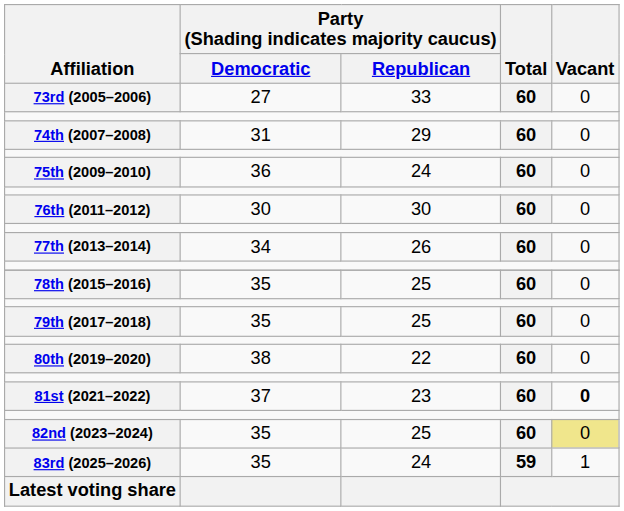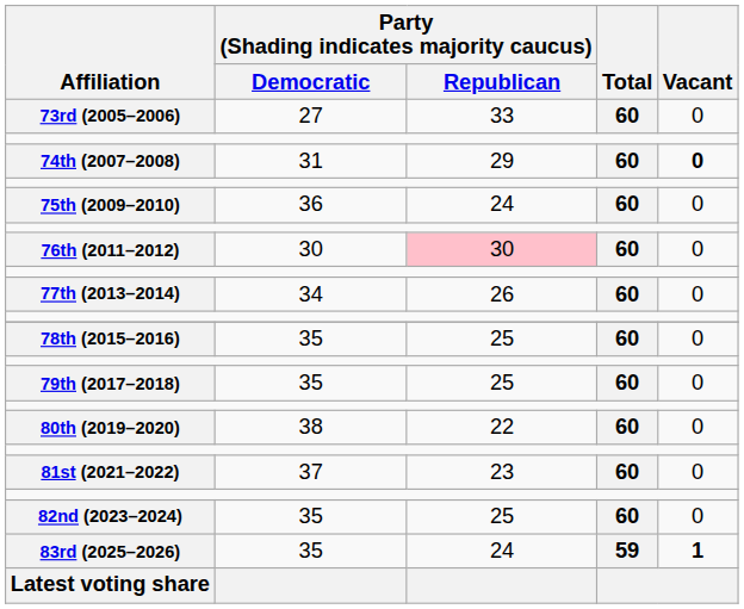 <table class="wikitable" style="text-align:center">
 <tr style="vertical-align:bottom;">
 <th rowspan="2">Affiliation</th>
 <th colspan="2">Party <div>(Shading indicates majority caucus)</div></th>
 <th rowspan="2">Total</th>
 <th rowspan="2">Vacant</th>
 </tr>
 <tr style="height:5px">
 <th style="background-color:"><a href='#'>Democratic</a></th>
 <th style="background-color:"><a href='#'>Republican</a></th>
 </tr>
 <tr>
 <th nowrap="" style="font-size:80%"><a href='#'>73rd</a> (2005–2006)</th>
 <td>27</td>
 <td>33</td>
 <th>60</th>
 <td>0</td>
 </tr>
 <tr>
 <td colspan="5"></td>
 </tr>
 <tr>
 <th nowrap="" style="font-size:80%"><a href='#'>74th</a> (2007–2008)</th>
 <td>31</td>
 <td>29</td>
 <th>60</th>
-<td>0</td>
+<td><strong>0</strong></td>
 </tr>
 <tr>
 <td colspan="5"></td>
 </tr>
 <tr>
 <th nowrap="" style="font-size:80%"><a href='#'>75th</a> (2009–2010)</th>
 <td>36</td>
 <td>24</td>
 <th>60</th>
 <td>0</td>
 </tr>
 <tr>
 <td colspan="5"></td>
 </tr>
 <tr>
 <th nowrap="" style="font-size:80%"><a href='#'>76th</a> (2011–2012)</th>
 <td>30</td>
-<td>30</td>
+<td style="background: pink;">30</td>
 <th>60</th>
 <td>0</td>
 </tr>
 <tr>
 <td colspan="5"></td>
 </tr>
 <tr>
 <th nowrap="" style="font-size:80%"><a href='#'>77th</a> (2013–2014)</th>
 <td>34</td>
 <td>26</td>
 <th>60</th>
 <td>0</td>
 </tr>
 <tr>
 <td colspan="5"></td>
 </tr>
 <tr>
 </tr>
 <tr>
 <th nowrap="" style="font-size:80%"><a href='#'>78th</a> (2015–2016)</th>
 <td>35</td>
 <td>25</td>
 <th>60</th>
 <td>0</td>
 </tr>
 <tr>
 <td colspan="5"></td>
 </tr>
 <tr>
 <th nowrap="" style="font-size:80%"><a href='#'>79th</a> (2017–2018)</th>
 <td>35</td>
 <td>25</td>
 <th>60</th>
 <td>0</td>
 </tr>
 <tr>
 <td colspan="5"></td>
 </tr>
 <tr>
 <th nowrap="" style="font-size:80%"><a href='#'>80th</a> (2019–2020)</th>
 <td>38</td>
 <td>22</td>
 <th>60</th>
 <td>0</td>
 </tr>
 <tr>
 <td colspan="5"></td>
 </tr>
 <tr>
 <th nowrap="" style="font-size:80%"><a href='#'>81st</a> (2021–2022)</th>
 <td>37</td>
 <td>23</td>
 <th>60</th>
-<td><strong>0</strong></td>
+<td>0</td>
 </tr>
 <tr>
 <td colspan="5"></td>
 </tr>
 <tr>
 <th nowrap="" style="font-size:80%"><a href='#'>82nd</a> (2023–2024)</th>
 <td>35</td>
 <td>25</td>
 <th>60</th>
-<td style="background: khaki;">0</td>
+<td>0</td>
 </tr>
 <tr>
 <th nowrap="" style="font-size:80%"><a href='#'>83rd</a> (2025–2026)</th>
 <td>35</td>
 <td>24</td>
 <th>59</th>
-<td>1</td>
+<td><strong>1</strong></td>
 </tr>
 <tr>
 <th>Latest voting share</th>
 <th></th>
 <th></th>
 <th colspan="2"></th>
 </tr>
 </table>
